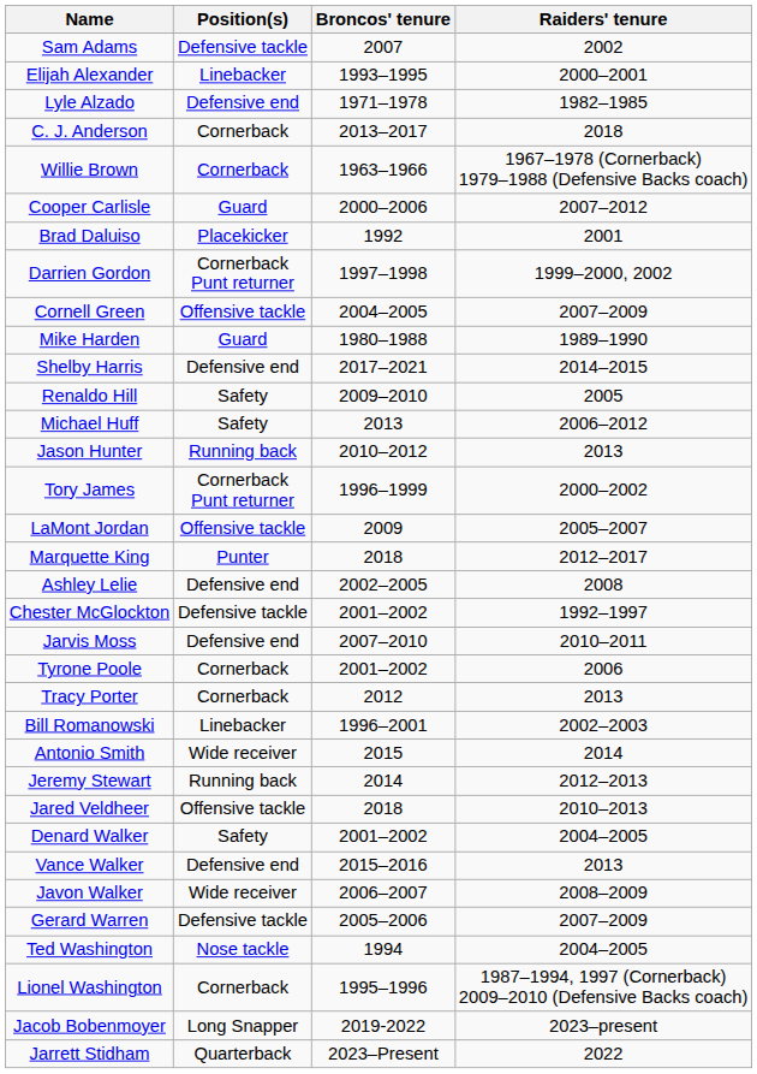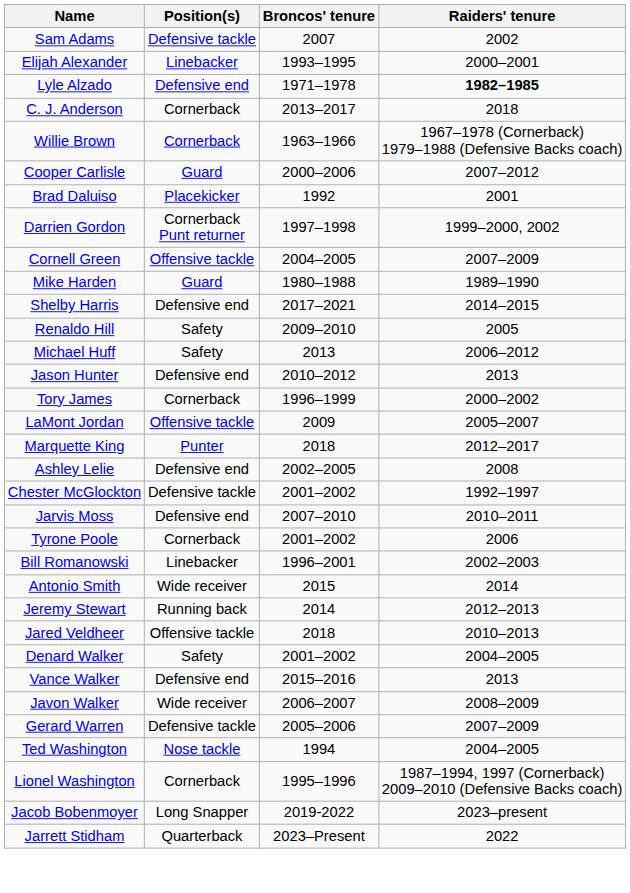 <table class="wikitable" style="text-align: center">
 <tr>
 <th>Name</th>
 <th>Position(s)</th>
 <th>Broncos' tenure</th>
 <th>Raiders' tenure</th>
 </tr>
 <tr>
 <td><a href='#'>Sam Adams</a></td>
 <td><a href='#'>Defensive tackle</a></td>
 <td>2007</td>
 <td>2002</td>
 </tr>
 <tr>
 <td><a href='#'>Elijah Alexander</a></td>
 <td><a href='#'>Linebacker</a></td>
 <td>1993–1995</td>
 <td>2000–2001</td>
 </tr>
 <tr>
 <td><a href='#'>Lyle Alzado</a></td>
 <td><a href='#'>Defensive end</a></td>
 <td>1971–1978</td>
-<td>1982–1985</td>
+<td><strong>1982–1985</strong></td>
 </tr>
 <tr>
 <td><a href='#'>C. J. Anderson</a></td>
 <td>Cornerback</td>
 <td>2013–2017</td>
 <td>2018</td>
 </tr>
 <tr>
 <td><a href='#'>Willie Brown</a></td>
 <td><a href='#'>Cornerback</a></td>
 <td>1963–1966</td>
 <td>1967–1978 (Cornerback)<br>1979–1988 (Defensive Backs coach)</td>
 </tr>
 <tr>
 <td><a href='#'>Cooper Carlisle</a></td>
 <td><a href='#'>Guard</a></td>
 <td>2000–2006</td>
 <td>2007–2012</td>
 </tr>
 <tr>
 <td><a href='#'>Brad Daluiso</a></td>
 <td><a href='#'>Placekicker</a></td>
 <td>1992</td>
 <td>2001</td>
 </tr>
 <tr>
 <td><a href='#'>Darrien Gordon</a></td>
 <td>Cornerback<br><a href='#'>Punt returner</a></td>
 <td>1997–1998</td>
 <td>1999–2000, 2002</td>
 </tr>
 <tr>
 <td><a href='#'>Cornell Green</a></td>
 <td><a href='#'>Offensive tackle</a></td>
 <td>2004–2005</td>
 <td>2007–2009</td>
 </tr>
 <tr>
 <td><a href='#'>Mike Harden</a></td>
 <td><a href='#'>Guard</a></td>
 <td>1980–1988</td>
 <td>1989–1990</td>
 </tr>
 <tr>
 <td><a href='#'>Shelby Harris</a></td>
 <td>Defensive end</td>
 <td>2017–2021</td>
 <td>2014–2015</td>
 </tr>
 <tr>
 <td><a href='#'>Renaldo Hill</a></td>
 <td>Safety</td>
 <td>2009–2010</td>
 <td>2005</td>
 </tr>
 <tr>
 <td><a href='#'>Michael Huff</a></td>
 <td>Safety</td>
 <td>2013</td>
 <td>2006–2012</td>
 </tr>
 <tr>
 <td><a href='#'>Jason Hunter</a></td>
-<td><a href='#'>Running back</a></td>
+<td>Defensive end</td>
 <td>2010–2012</td>
 <td>2013</td>
 </tr>
 <tr>
 <td><a href='#'>Tory James</a></td>
-<td>Cornerback<br><a href='#'>Punt returner</a></td>
+<td>Cornerback</td>
 <td>1996–1999</td>
 <td>2000–2002</td>
 </tr>
 <tr>
 <td><a href='#'>LaMont Jordan</a></td>
 <td><a href='#'>Offensive tackle</a></td>
 <td>2009</td>
 <td>2005–2007</td>
 </tr>
 <tr>
 <td><a href='#'>Marquette King</a></td>
 <td><a href='#'>Punter</a></td>
 <td>2018</td>
 <td>2012–2017</td>
 </tr>
 <tr>
 <td><a href='#'>Ashley Lelie</a></td>
 <td>Defensive end</td>
 <td>2002–2005</td>
 <td>2008</td>
 </tr>
 <tr>
 <td><a href='#'>Chester McGlockton</a></td>
 <td>Defensive tackle</td>
 <td>2001–2002</td>
 <td>1992–1997</td>
 </tr>
 <tr>
 <td><a href='#'>Jarvis Moss</a></td>
 <td>Defensive end</td>
 <td>2007–2010</td>
 <td>2010–2011</td>
 </tr>
 <tr>
 <td><a href='#'>Tyrone Poole</a></td>
 <td>Cornerback</td>
 <td>2001–2002</td>
 <td>2006</td>
-</tr>
-<tr>
-<td><a href='#'>Tracy Porter</a></td>
-<td>Cornerback</td>
-<td>2012</td>
-<td>2013</td>
 </tr>
 <tr>
 <td><a href='#'>Bill Romanowski</a></td>
 <td>Linebacker</td>
 <td>1996–2001</td>
 <td>2002–2003</td>
 </tr>
 <tr>
 <td><a href='#'>Antonio Smith</a></td>
 <td>Wide receiver</td>
 <td>2015</td>
 <td>2014</td>
 </tr>
 <tr>
 <td><a href='#'>Jeremy Stewart</a></td>
 <td>Running back</td>
 <td>2014</td>
 <td>2012–2013</td>
 </tr>
 <tr>
 <td><a href='#'>Jared Veldheer</a></td>
 <td>Offensive tackle</td>
 <td>2018</td>
 <td>2010–2013</td>
 </tr>
 <tr>
 <td><a href='#'>Denard Walker</a></td>
 <td>Safety</td>
 <td>2001–2002</td>
 <td>2004–2005</td>
 </tr>
 <tr>
 <td><a href='#'>Vance Walker</a></td>
 <td>Defensive end</td>
 <td>2015–2016</td>
 <td>2013</td>
 </tr>
 <tr>
 <td><a href='#'>Javon Walker</a></td>
 <td>Wide receiver</td>
 <td>2006–2007</td>
 <td>2008–2009</td>
 </tr>
 <tr>
 <td><a href='#'>Gerard Warren</a></td>
 <td>Defensive tackle</td>
 <td>2005–2006</td>
 <td>2007–2009</td>
 </tr>
 <tr>
 <td><a href='#'>Ted Washington</a></td>
 <td><a href='#'>Nose tackle</a></td>
 <td>1994</td>
 <td>2004–2005</td>
 </tr>
 <tr>
 <td><a href='#'>Lionel Washington</a></td>
 <td>Cornerback</td>
 <td>1995–1996</td>
 <td>1987–1994, 1997 (Cornerback)<br>2009–2010 (Defensive Backs coach)</td>
 </tr>
 <tr>
 <td><a href='#'>Jacob Bobenmoyer</a></td>
 <td>Long Snapper</td>
 <td>2019-2022</td>
 <td>2023–present</td>
 </tr>
 <tr>
 <td><a href='#'>Jarrett Stidham</a></td>
 <td>Quarterback</td>
 <td>2023–Present</td>
 <td>2022</td>
 </tr>
 </table>
